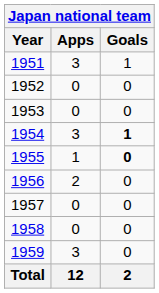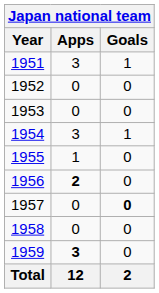 <table class="wikitable" style="text-align:center">
 <tr>
 <th colspan=3><a href='#'>Japan national team</a></th>
 </tr>
 <tr>
 <th>Year</th>
 <th>Apps</th>
 <th>Goals</th>
 </tr>
 <tr>
 <td><a href='#'>1951</a></td>
 <td>3</td>
 <td>1</td>
 </tr>
 <tr>
 <td>1952</td>
 <td>0</td>
 <td>0</td>
 </tr>
 <tr>
 <td>1953</td>
 <td>0</td>
 <td>0</td>
 </tr>
 <tr>
 <td><a href='#'>1954</a></td>
 <td>3</td>
-<td><strong>1</strong></td>
+<td>1</td>
 </tr>
 <tr>
 <td><a href='#'>1955</a></td>
 <td>1</td>
-<td><strong>0</strong></td>
+<td>0</td>
 </tr>
 <tr>
 <td><a href='#'>1956</a></td>
-<td>2</td>
+<td><strong>2</strong></td>
 <td>0</td>
 </tr>
 <tr>
 <td>1957</td>
 <td>0</td>
-<td>0</td>
+<td><strong>0</strong></td>
 </tr>
 <tr>
 <td><a href='#'>1958</a></td>
 <td>0</td>
 <td>0</td>
 </tr>
 <tr>
 <td><a href='#'>1959</a></td>
-<td>3</td>
+<td><strong>3</strong></td>
 <td>0</td>
 </tr>
 <tr>
 <th>Total</th>
 <th>12</th>
 <th>2</th>
 </tr>
 </table>
